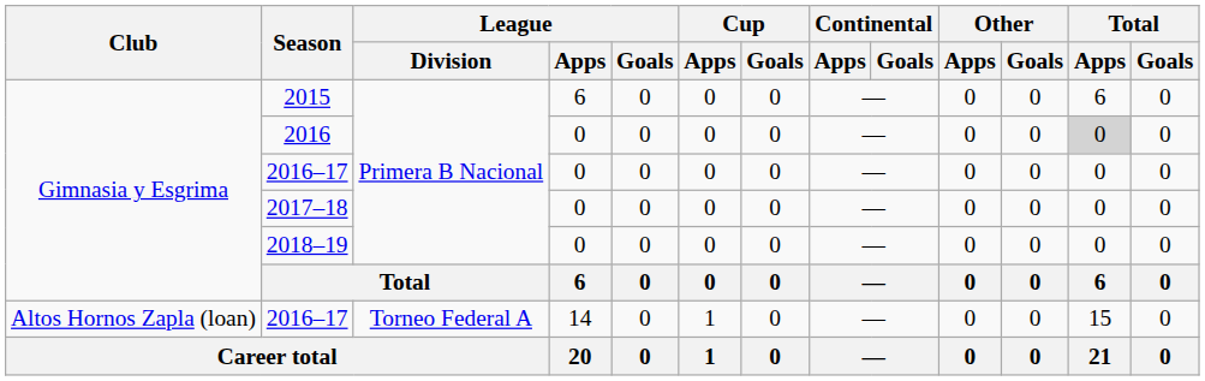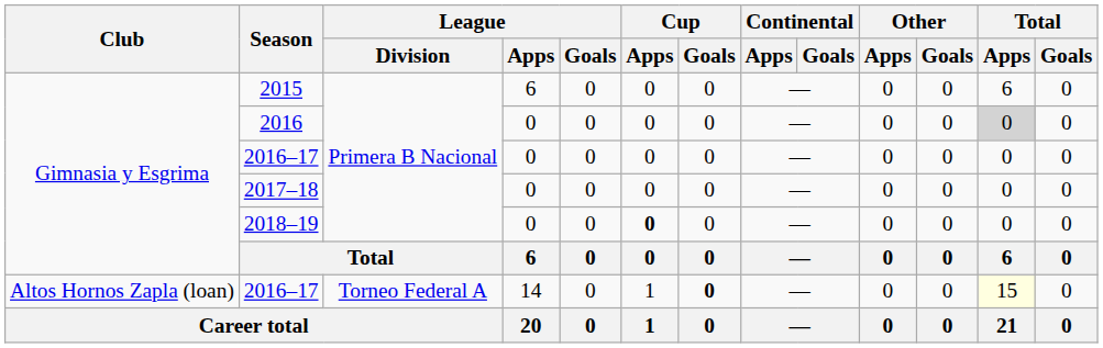 <table class="wikitable" style="text-align:center">
 <tr>
 <th rowspan="2">Club</th>
 <th rowspan="2">Season</th>
 <th colspan="3">League</th>
 <th colspan="2">Cup</th>
 <th colspan="2">Continental</th>
 <th colspan="2">Other</th>
 <th colspan="2">Total</th>
 </tr>
 <tr>
 <th>Division</th>
 <th>Apps</th>
 <th>Goals</th>
 <th>Apps</th>
 <th>Goals</th>
 <th>Apps</th>
 <th>Goals</th>
 <th>Apps</th>
 <th>Goals</th>
 <th>Apps</th>
 <th>Goals</th>
 </tr>
 <tr>
 <td rowspan="6"><a href='#'>Gimnasia y Esgrima</a></td>
 <td><a href='#'>2015</a></td>
 <td rowspan="5"><a href='#'>Primera B Nacional</a></td>
 <td>6</td>
 <td>0</td>
 <td>0</td>
 <td>0</td>
 <td colspan="2">—</td>
 <td>0</td>
 <td>0</td>
 <td>6</td>
 <td>0</td>
 </tr>
 <tr>
 <td><a href='#'>2016</a></td>
 <td>0</td>
 <td>0</td>
 <td>0</td>
 <td>0</td>
 <td colspan="2">—</td>
 <td>0</td>
 <td>0</td>
 <td style="background: lightgrey;">0</td>
 <td>0</td>
 </tr>
 <tr>
 <td><a href='#'>2016–17</a></td>
 <td>0</td>
 <td>0</td>
 <td>0</td>
 <td>0</td>
 <td colspan="2">—</td>
 <td>0</td>
 <td>0</td>
 <td>0</td>
 <td>0</td>
 </tr>
 <tr>
 <td><a href='#'>2017–18</a></td>
 <td>0</td>
 <td>0</td>
 <td>0</td>
 <td>0</td>
 <td colspan="2">—</td>
 <td>0</td>
 <td>0</td>
 <td>0</td>
 <td>0</td>
 </tr>
 <tr>
 <td><a href='#'>2018–19</a></td>
 <td>0</td>
 <td>0</td>
-<td>0</td>
+<td><strong>0</strong></td>
 <td>0</td>
 <td colspan="2">—</td>
 <td>0</td>
 <td>0</td>
 <td>0</td>
 <td>0</td>
 </tr>
 <tr>
 <th colspan="2">Total</th>
 <th>6</th>
 <th>0</th>
 <th>0</th>
 <th>0</th>
 <th colspan="2">—</th>
 <th>0</th>
 <th>0</th>
 <th>6</th>
 <th>0</th>
 </tr>
 <tr>
 <td rowspan="1"><a href='#'>Altos Hornos Zapla</a> (loan)</td>
 <td><a href='#'>2016–17</a></td>
 <td rowspan="1"><a href='#'>Torneo Federal A</a></td>
 <td>14</td>
 <td>0</td>
 <td>1</td>
-<td>0</td>
+<td><strong>0</strong></td>
 <td colspan="2">—</td>
 <td>0</td>
 <td>0</td>
-<td>15</td>
+<td style="background: lightyellow;">15</td>
 <td>0</td>
 </tr>
 <tr>
 <th colspan="3">Career total</th>
 <th>20</th>
 <th>0</th>
 <th>1</th>
 <th>0</th>
 <th colspan="2">—</th>
 <th>0</th>
 <th>0</th>
 <th>21</th>
 <th>0</th>
 </tr>
 </table>
